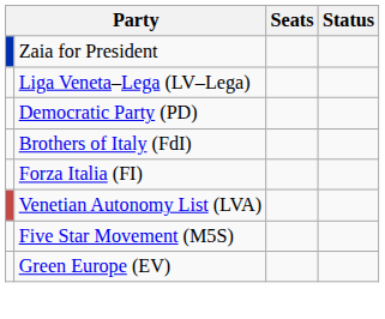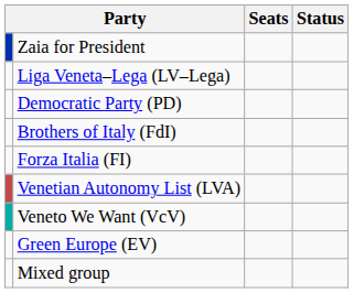 <table class=wikitable>
 <tr>
 <th colspan=2>Party</th>
 <th>Seats</th>
 <th>Status</th>
 </tr>
 <tr>
 <td style="color:inherit;background:#0030AB"></td>
 <td>Zaia for President</td>
 <td></td>
 <td></td>
 </tr>
 <tr>
 <td style="color:inherit;background:"></td>
 <td><a href='#'>Liga Veneta</a>–<a href='#'>Lega</a> (LV–Lega)</td>
 <td></td>
 <td></td>
 </tr>
 <tr>
 <td style="color:inherit;background:"></td>
 <td><a href='#'>Democratic Party</a> (PD)</td>
 <td></td>
 <td></td>
 </tr>
 <tr>
 <td style="color:inherit;background:"></td>
 <td><a href='#'>Brothers of Italy</a> (FdI)</td>
 <td></td>
 <td></td>
 </tr>
 <tr>
 <td style="color:inherit;background:"></td>
 <td><a href='#'>Forza Italia</a> (FI)</td>
 <td></td>
 <td></td>
 </tr>
 <tr>
 <td style="color:inherit;background:#C34848"></td>
 <td><a href='#'>Venetian Autonomy List</a> (LVA)</td>
 <td></td>
 <td></td>
 </tr>
 <tr>
-<td style="color:inherit;background:"></td>
-<td><a href='#'>Five Star Movement</a> (M5S)</td>
+<td style="color:inherit;background:#00ADA4"></td>
+<td>Veneto We Want (VcV)</td>
 <td></td>
 <td></td>
 </tr>
 <tr>
 <td style="color:inherit;background:"></td>
 <td><a href='#'>Green Europe</a> (EV)</td>
 <td></td>
 <td></td>
 </tr>
+<tr>
+<td></td>
+<td>Mixed group</td>
+<td></td>
+<td></td>
+</tr>
 </table>
